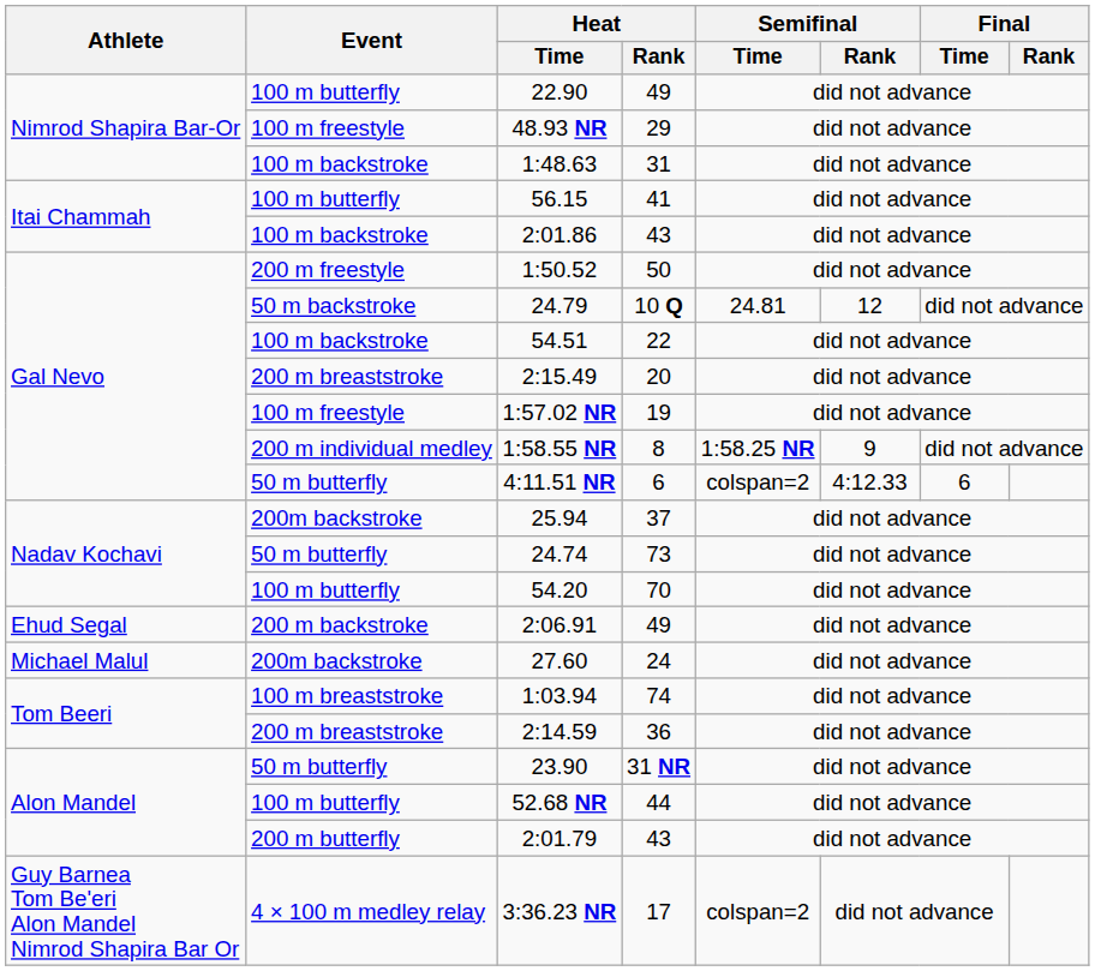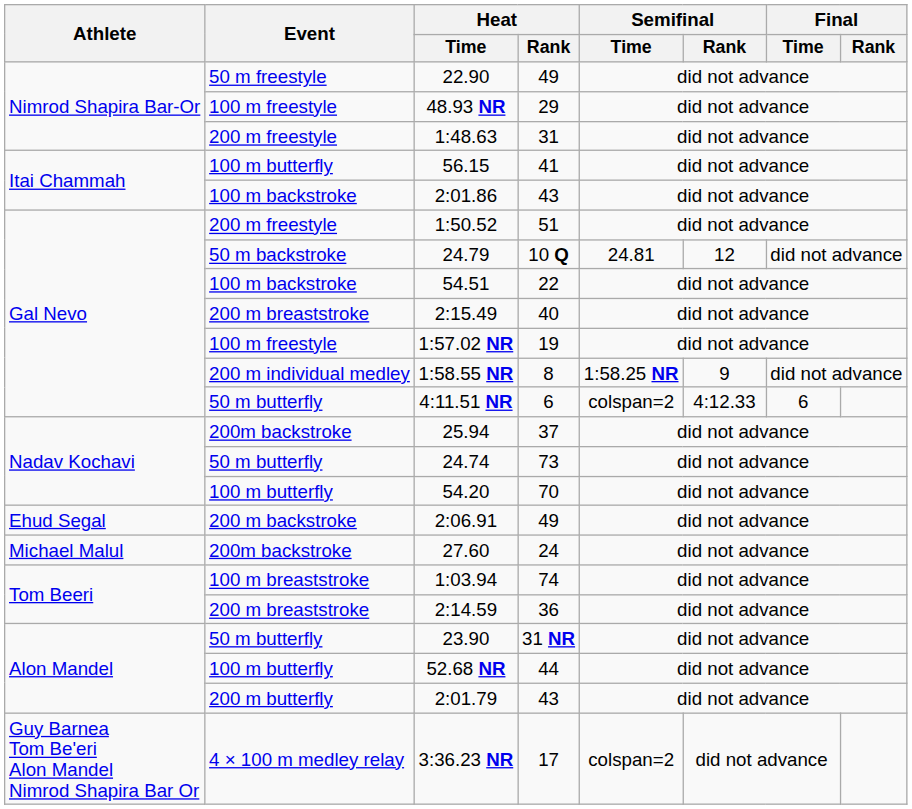 <table class=wikitable style="font-size:90%">
 <tr>
 <th rowspan="2">Athlete</th>
 <th rowspan="2">Event</th>
 <th colspan="2">Heat</th>
 <th colspan="2">Semifinal</th>
 <th colspan="2">Final</th>
 </tr>
 <tr style="font-size:95%">
 <th>Time</th>
 <th>Rank</th>
 <th>Time</th>
 <th>Rank</th>
 <th>Time</th>
 <th>Rank</th>
 </tr>
 <tr align=center>
 <td align=left rowspan=3><a href='#'>Nimrod Shapira Bar-Or</a></td>
-<td align=left><a href='#'>100 m butterfly</a></td>
+<td align=left><a href='#'>50 m freestyle</a></td>
 <td>22.90</td>
 <td>49</td>
 <td colspan=4>did not advance</td>
 </tr>
 <tr align=center>
 <td align=left><a href='#'>100 m freestyle</a></td>
 <td>48.93 <strong><a href='#'>NR</a></strong></td>
 <td>29</td>
 <td colspan=4>did not advance</td>
 </tr>
 <tr align=center>
-<td align=left><a href='#'>100 m backstroke</a></td>
+<td align=left><a href='#'>200 m freestyle</a></td>
 <td>1:48.63</td>
 <td>31</td>
 <td colspan=4>did not advance</td>
 </tr>
 <tr align=center>
 <td align=left rowspan=2><a href='#'>Itai Chammah</a></td>
 <td align=left><a href='#'>100 m butterfly</a></td>
 <td>56.15</td>
 <td>41</td>
 <td colspan=4>did not advance</td>
 </tr>
 <tr align=center>
 <td align=left><a href='#'>100 m backstroke</a></td>
 <td>2:01.86</td>
 <td>43</td>
 <td colspan=4>did not advance</td>
 </tr>
 <tr align=center>
 <td align=left rowspan=7><a href='#'>Gal Nevo</a></td>
 <td align=left><a href='#'>200 m freestyle</a></td>
 <td>1:50.52</td>
-<td>50</td>
+<td>51</td>
 <td colspan=4>did not advance</td>
 </tr>
 <tr align=center>
 <td align=left><a href='#'>50 m backstroke</a></td>
 <td>24.79</td>
 <td>10 <strong>Q</strong></td>
 <td>24.81</td>
 <td>12</td>
 <td colspan=2>did not advance</td>
 </tr>
 <tr align=center>
 <td align=left><a href='#'>100 m backstroke</a></td>
 <td>54.51</td>
 <td>22</td>
 <td colspan=4>did not advance</td>
 </tr>
 <tr align=center>
 <td align=left><a href='#'>200 m breaststroke</a></td>
 <td>2:15.49</td>
-<td>20</td>
+<td>40</td>
 <td colspan=4>did not advance</td>
 </tr>
 <tr align=center>
 <td align=left><a href='#'>100 m freestyle</a></td>
 <td>1:57.02 <strong><a href='#'>NR</a></strong></td>
 <td>19</td>
 <td colspan=4>did not advance</td>
 </tr>
 <tr align=center>
 <td align=left><a href='#'>200 m individual medley</a></td>
 <td>1:58.55 <strong><a href='#'>NR</a></strong></td>
 <td>8</td>
 <td>1:58.25 <strong><a href='#'>NR</a></strong></td>
 <td>9</td>
 <td colspan=2>did not advance</td>
 </tr>
 <tr align=center>
 <td align=left><a href='#'>50 m butterfly</a></td>
 <td>4:11.51 <strong><a href='#'>NR</a></strong></td>
 <td>6</td>
 <td>colspan=2 </td>
 <td>4:12.33</td>
 <td>6</td>
 </tr>
 <tr align=center>
 <td align=left rowspan=3><a href='#'>Nadav Kochavi</a></td>
 <td align=left><a href='#'>200m backstroke</a></td>
 <td>25.94</td>
 <td>37</td>
 <td colspan=4>did not advance</td>
 </tr>
 <tr align=center>
 <td align=left><a href='#'>50 m butterfly</a></td>
 <td>24.74</td>
 <td>73</td>
 <td colspan=4>did not advance</td>
 </tr>
 <tr align=center>
 <td align=left><a href='#'>100 m butterfly</a></td>
 <td>54.20</td>
 <td>70</td>
 <td colspan=4>did not advance</td>
 </tr>
 <tr align=center>
 <td align=left><a href='#'>Ehud Segal</a></td>
 <td align=left><a href='#'>200 m backstroke</a></td>
 <td>2:06.91</td>
 <td>49</td>
 <td colspan=4>did not advance</td>
 </tr>
 <tr align=center>
 <td align=left><a href='#'>Michael Malul</a></td>
 <td align=left><a href='#'>200m backstroke</a></td>
 <td>27.60</td>
 <td>24</td>
 <td colspan=4>did not advance</td>
 </tr>
 <tr align=center>
 <td align=left rowspan=2><a href='#'>Tom Beeri</a></td>
 <td align=left><a href='#'>100 m breaststroke</a></td>
 <td>1:03.94</td>
 <td>74</td>
 <td colspan=4>did not advance</td>
 </tr>
 <tr align=center>
 <td align=left><a href='#'>200 m breaststroke</a></td>
 <td>2:14.59</td>
 <td>36</td>
 <td colspan=4>did not advance</td>
 </tr>
 <tr align=center>
 <td align=left rowspan=3><a href='#'>Alon Mandel</a></td>
 <td align=left><a href='#'>50 m butterfly</a></td>
 <td>23.90</td>
 <td>31 <strong><a href='#'>NR</a></strong></td>
 <td colspan=4>did not advance</td>
 </tr>
 <tr align=center>
 <td align=left><a href='#'>100 m butterfly</a></td>
 <td>52.68 <strong><a href='#'>NR</a></strong></td>
 <td>44</td>
 <td colspan=4>did not advance</td>
 </tr>
 <tr align=center>
 <td align=left><a href='#'>200 m butterfly</a></td>
 <td>2:01.79</td>
 <td>43</td>
 <td colspan=4>did not advance</td>
 </tr>
 <tr align=center>
 <td align=left><a href='#'>Guy Barnea</a><br><a href='#'>Tom Be'eri </a><br><a href='#'>Alon Mandel</a><br><a href='#'>Nimrod Shapira Bar Or</a></td>
 <td align=left><a href='#'>4 × 100 m medley relay</a></td>
 <td>3:36.23 <strong><a href='#'>NR</a></strong></td>
 <td>17</td>
 <td>colspan=2 </td>
 <td colspan=2>did not advance</td>
 </tr>
 </table>
